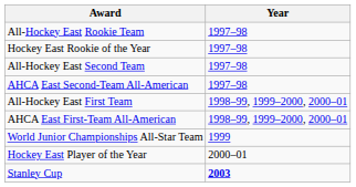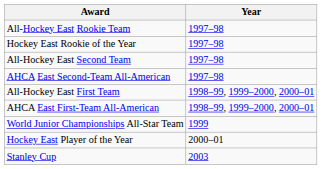 <table class="wikitable">
 <tr>
 <th>Award</th>
 <th>Year</th>
 </tr>
 <tr>
 <td>All-<a href='#'>Hockey East</a> <a href='#'>Rookie Team</a></td>
 <td><a href='#'>1997–98</a></td>
 </tr>
 <tr>
 <td>Hockey East Rookie of the Year</td>
 <td><a href='#'>1997–98</a></td>
 </tr>
 <tr>
 <td>All-Hockey East <a href='#'>Second Team</a></td>
 <td><a href='#'>1997–98</a></td>
 </tr>
 <tr>
 <td><a href='#'>AHCA</a> <a href='#'>East Second-Team All-American</a></td>
 <td><a href='#'>1997–98</a></td>
 </tr>
 <tr>
 <td>All-Hockey East <a href='#'>First Team</a></td>
 <td><a href='#'>1998–99</a>, <a href='#'>1999–2000</a>, <a href='#'>2000–01</a></td>
 </tr>
 <tr>
 <td>AHCA <a href='#'>East First-Team All-American</a></td>
 <td><a href='#'>1998–99</a>, <a href='#'>1999–2000</a>, <a href='#'>2000–01</a></td>
 </tr>
 <tr>
 <td><a href='#'>World Junior Championships</a> All-Star Team</td>
 <td><a href='#'>1999</a></td>
 </tr>
 <tr>
 <td><a href='#'>Hockey East</a> Player of the Year</td>
 <td>2000–01</td>
 </tr>
 <tr>
 <td><a href='#'>Stanley Cup</a></td>
-<td><strong><a href='#'>2003</a></strong></td>
+<td><a href='#'>2003</a></td>
 </tr>
 </table>
